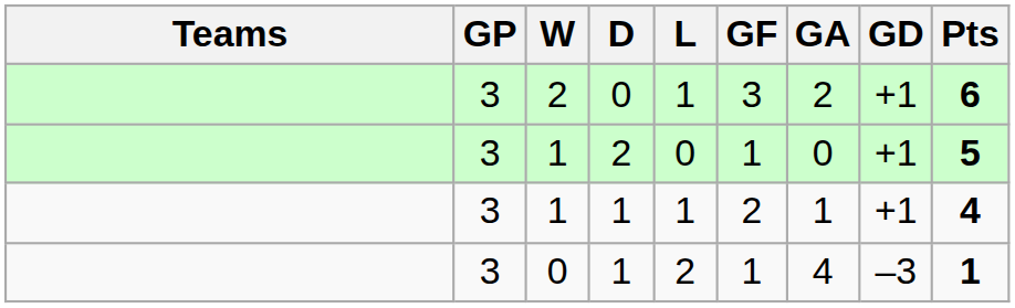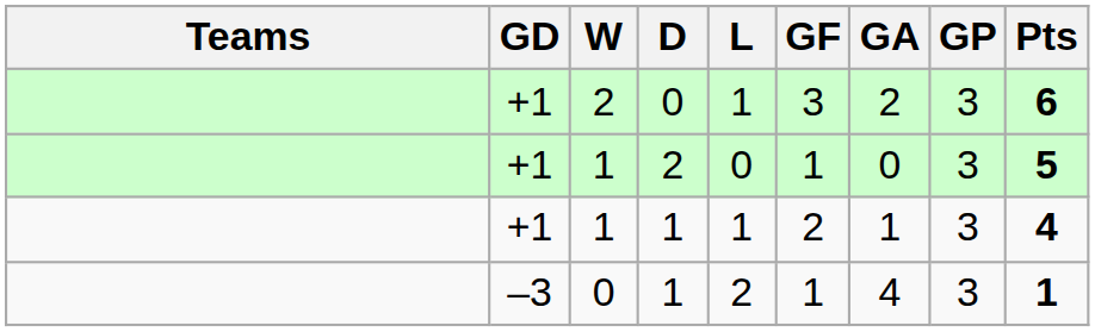 <table class="wikitable">
 <tr style="text-align:center; background:#efefef;">
 <th width=185>Teams</th>
-<th width=20>GP</th>
+<th width=20>GD</th>
 <th width=20>W</th>
 <th width=20>D</th>
 <th width=20>L</th>
 <th width=20>GF</th>
 <th width=20>GA</th>
-<th width=20>GD</th>
+<th width=20>GP</th>
 <th width=20>Pts</th>
 </tr>
 <tr style="text-align:center; background:#cfc;">
 <td style="text-align:left;"></td>
-<td>3</td>
+<td>+1</td>
 <td>2</td>
 <td>0</td>
 <td>1</td>
 <td>3</td>
 <td>2</td>
-<td>+1</td>
+<td>3</td>
 <td><strong>6</strong></td>
 </tr>
 <tr style="text-align:center; background:#cfc;">
 <td style="text-align:left;"></td>
-<td>3</td>
+<td>+1</td>
 <td>1</td>
 <td>2</td>
 <td>0</td>
 <td>1</td>
 <td>0</td>
-<td>+1</td>
+<td>3</td>
 <td><strong>5</strong></td>
 </tr>
 <tr align=center>
 <td style="text-align:left;"></td>
-<td>3</td>
+<td>+1</td>
 <td>1</td>
 <td>1</td>
 <td>1</td>
 <td>2</td>
 <td>1</td>
-<td>+1</td>
+<td>3</td>
 <td><strong>4</strong></td>
 </tr>
 <tr align=center>
 <td style="text-align:left;"></td>
-<td>3</td>
+<td>–3</td>
 <td>0</td>
 <td>1</td>
 <td>2</td>
 <td>1</td>
 <td>4</td>
-<td>–3</td>
+<td>3</td>
 <td><strong>1</strong></td>
 </tr>
 </table>
